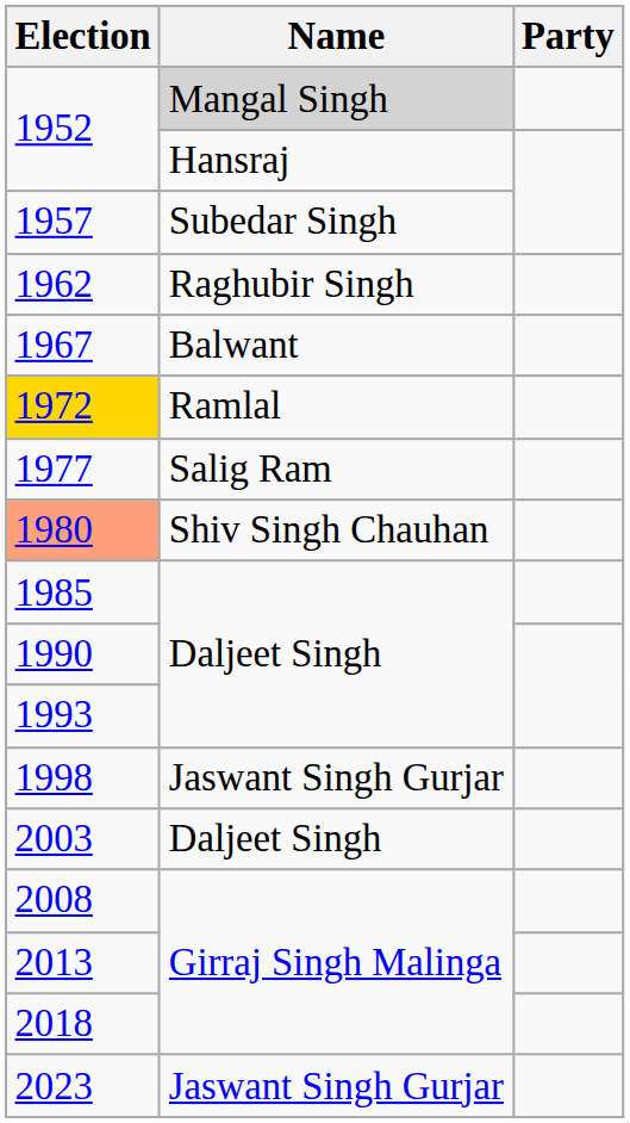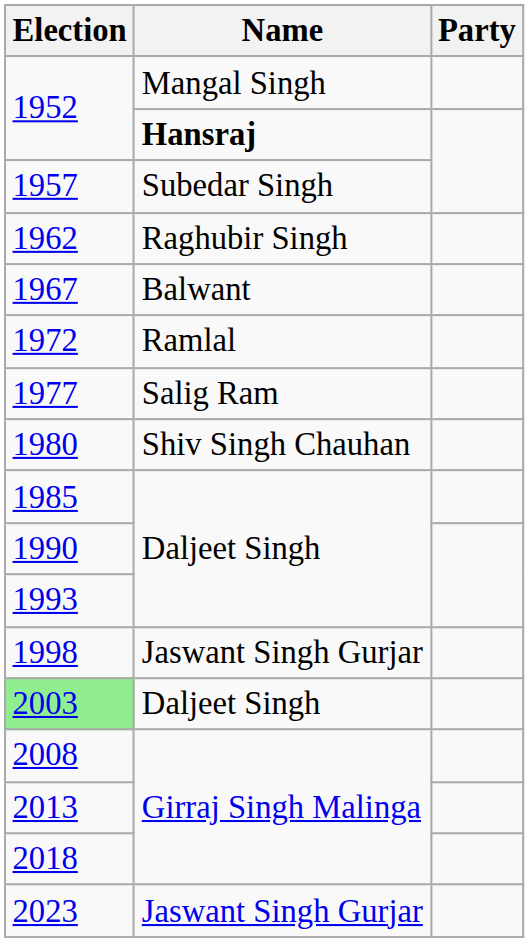 <table class="wikitable sortable">
 <tr>
 <th>Election</th>
 <th>Name</th>
 <th colspan=2>Party</th>
 </tr>
 <tr>
 <td rowspan="2"><a href='#'>1952</a></td>
-<td style="background: lightgrey;">Mangal Singh</td>
+<td>Mangal Singh</td>
 <td></td>
 </tr>
 <tr>
-<td>Hansraj</td>
+<td><strong>Hansraj</strong></td>
 </tr>
 <tr>
 <td><a href='#'>1957</a></td>
 <td>Subedar Singh</td>
 </tr>
 <tr>
 <td><a href='#'>1962</a></td>
 <td>Raghubir Singh</td>
 <td></td>
 </tr>
 <tr>
 <td><a href='#'>1967</a></td>
 <td>Balwant</td>
 <td></td>
 </tr>
 <tr>
-<td style="background: gold;"><a href='#'>1972</a></td>
+<td><a href='#'>1972</a></td>
 <td>Ramlal</td>
 <td></td>
 </tr>
 <tr>
 <td><a href='#'>1977</a></td>
 <td>Salig Ram</td>
 <td></td>
 </tr>
 <tr>
-<td style="background: lightsalmon;"><a href='#'>1980</a></td>
+<td><a href='#'>1980</a></td>
 <td>Shiv Singh Chauhan</td>
 <td></td>
 </tr>
 <tr>
 <td><a href='#'>1985</a></td>
 <td rowspan="3">Daljeet Singh</td>
 <td></td>
 </tr>
 <tr>
 <td><a href='#'>1990</a></td>
 </tr>
 <tr>
 <td><a href='#'>1993</a></td>
 </tr>
 <tr>
 <td><a href='#'>1998</a></td>
 <td>Jaswant Singh Gurjar</td>
 <td></td>
 </tr>
 <tr>
-<td><a href='#'>2003</a></td>
+<td style="background: lightgreen;"><a href='#'>2003</a></td>
 <td>Daljeet Singh</td>
 <td></td>
 </tr>
 <tr>
 <td><a href='#'>2008</a></td>
 <td rowspan=3><a href='#'>Girraj Singh Malinga</a></td>
 <td></td>
 </tr>
 <tr>
 <td><a href='#'>2013</a></td>
 <td></td>
 </tr>
 <tr>
 <td><a href='#'>2018</a></td>
 </tr>
 <tr>
 <td><a href='#'>2023</a></td>
 <td><a href='#'>Jaswant Singh Gurjar</a></td>
 <td></td>
 </tr>
 <tr>
 </tr>
 </table>
